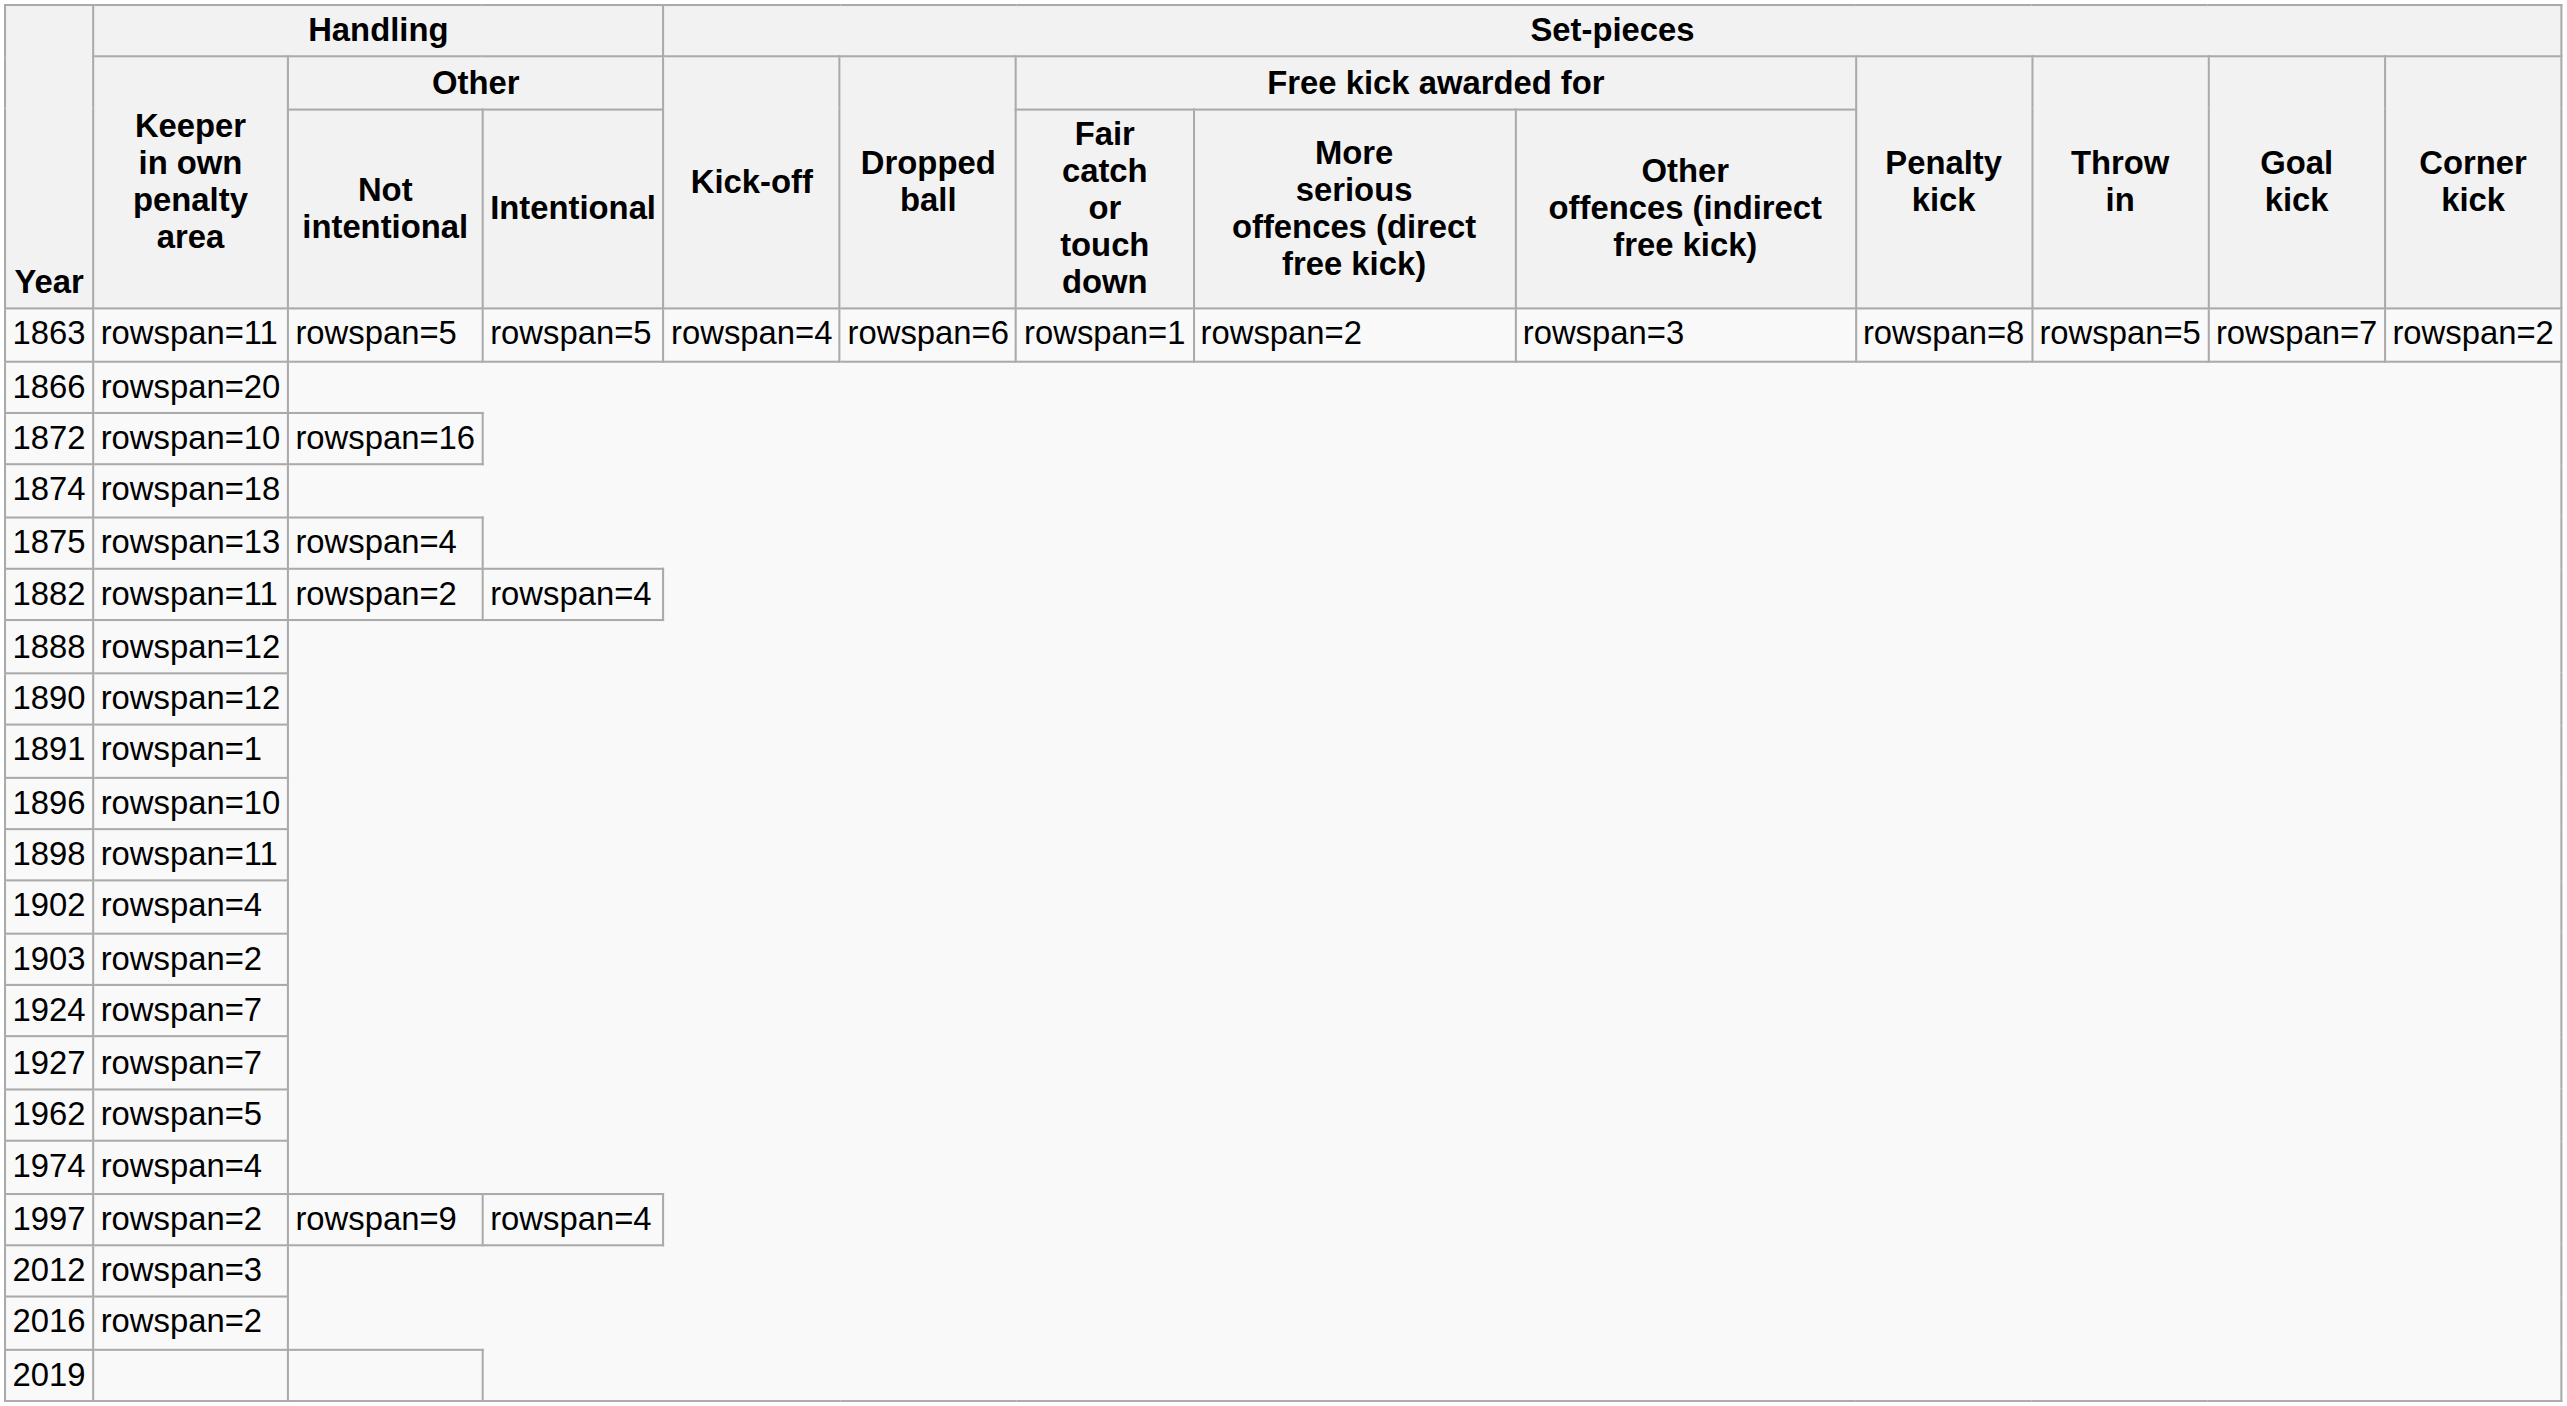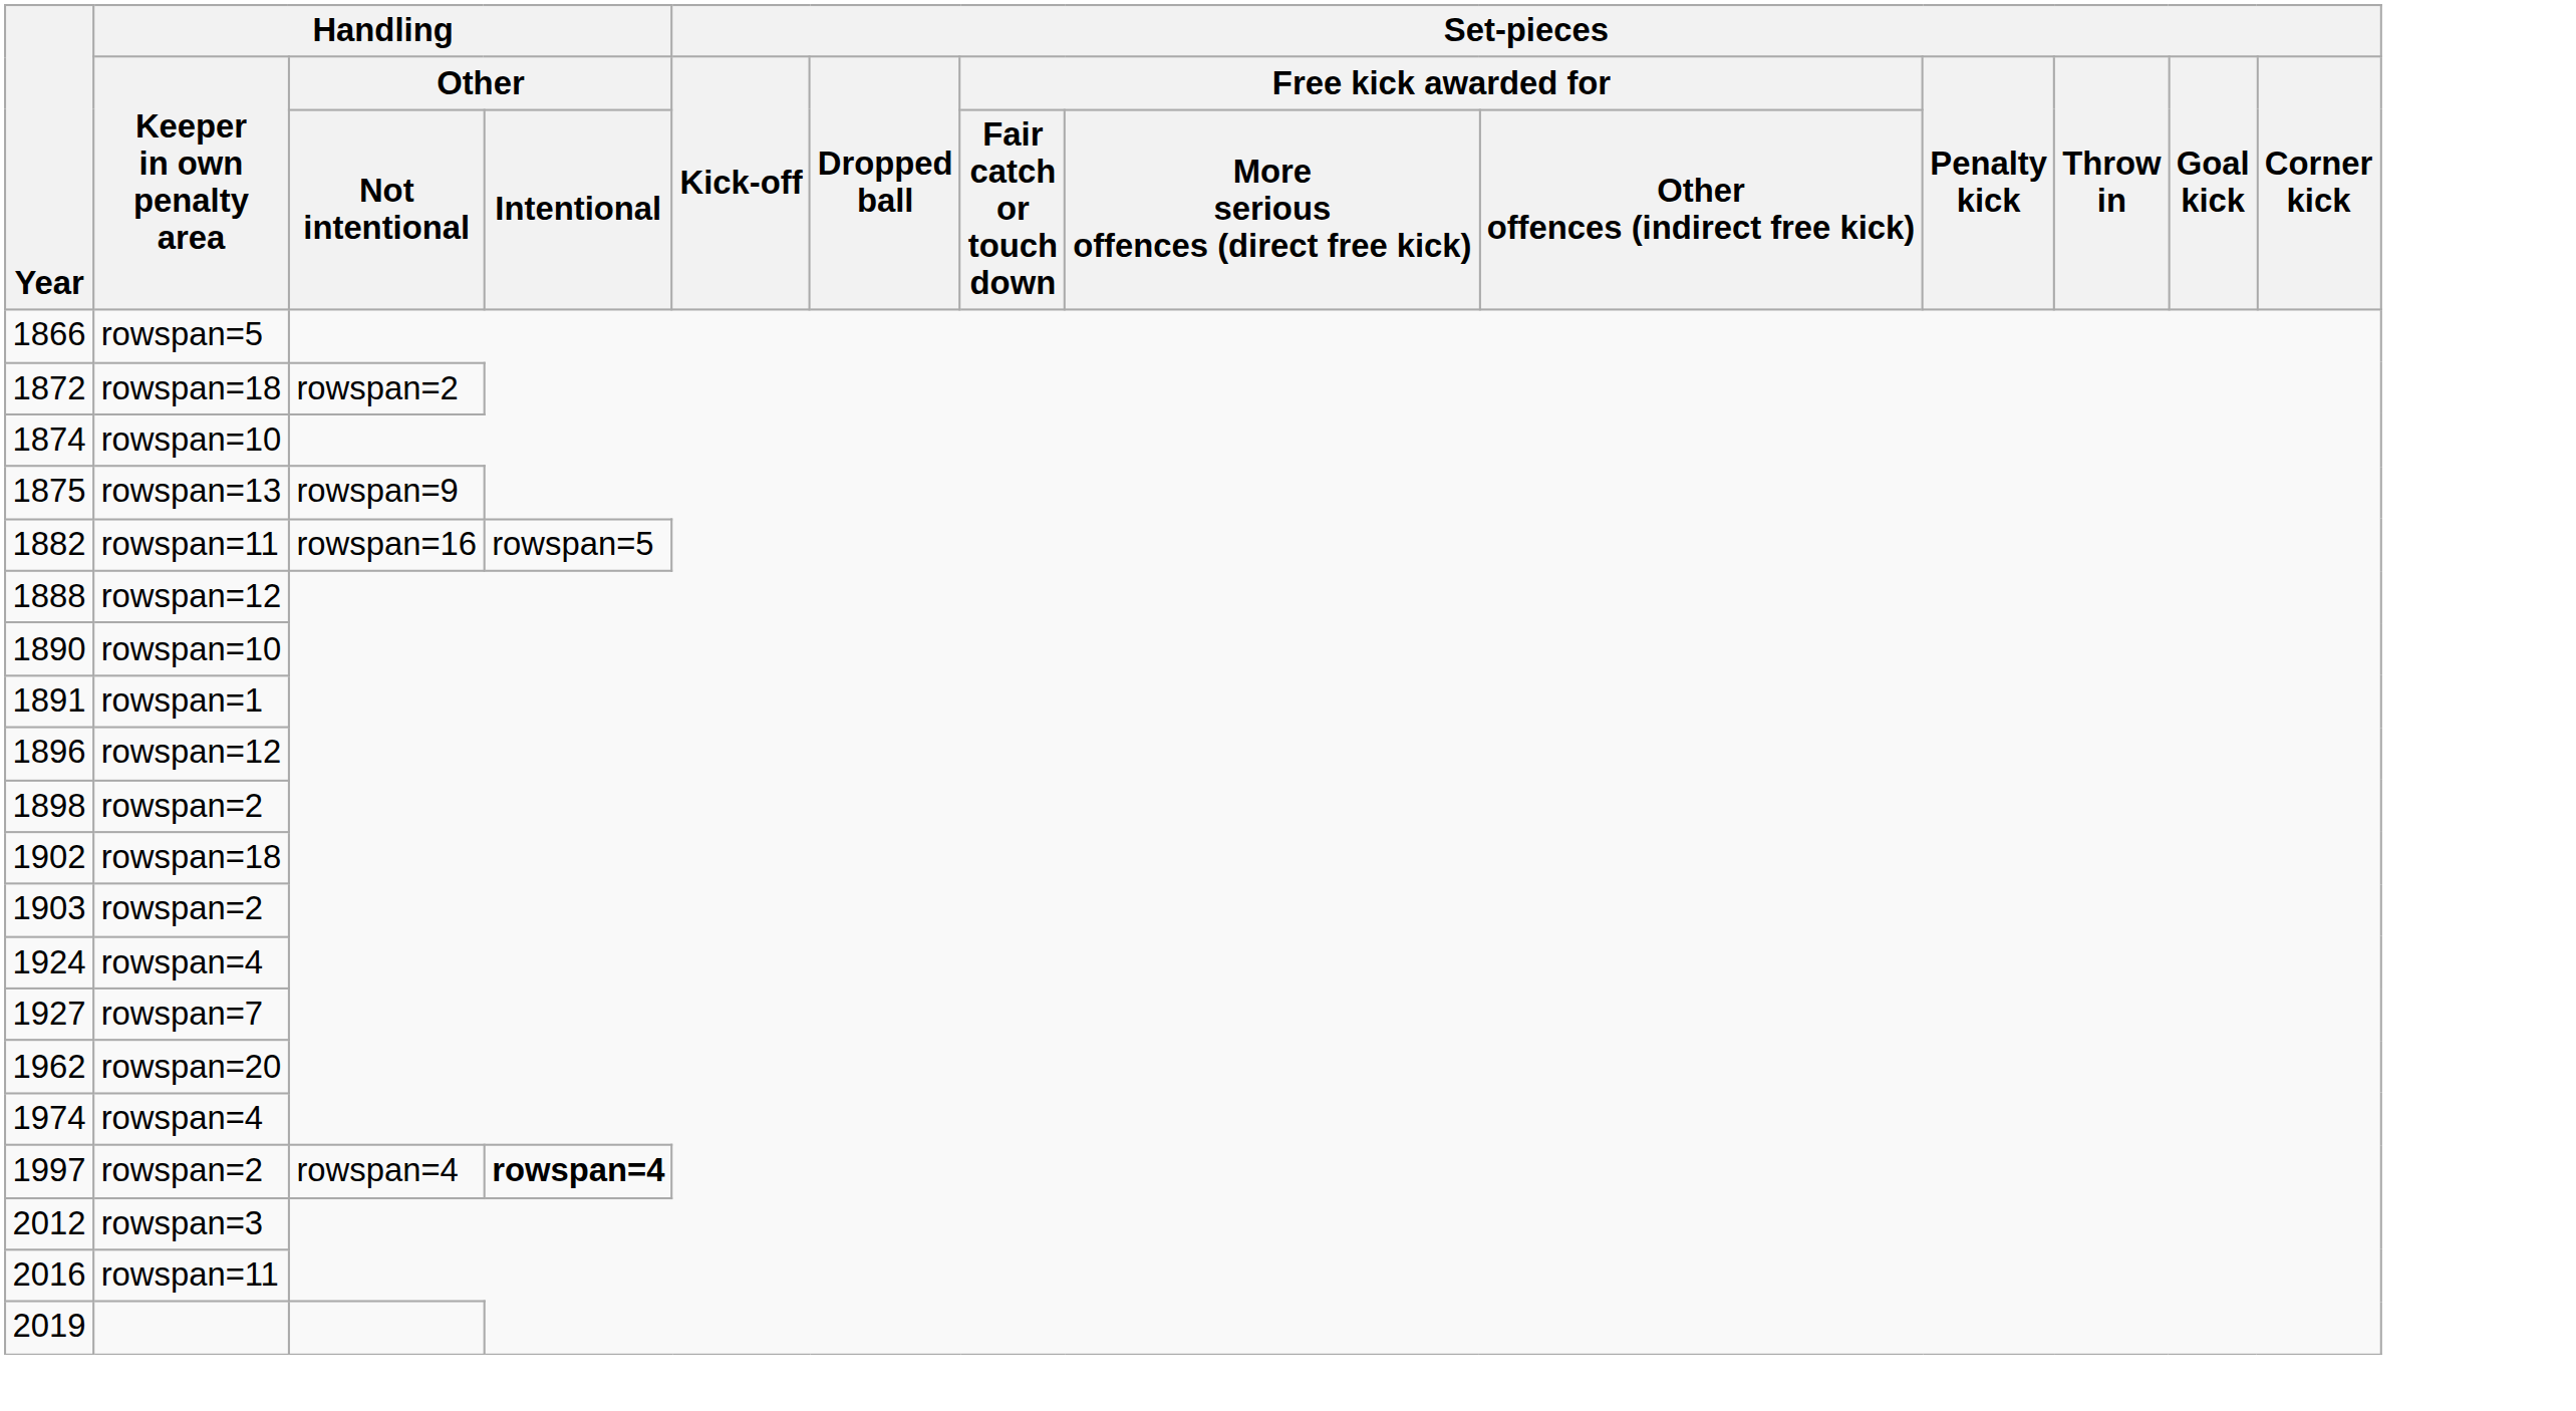 <table class="wikitable">
 <tr style="vertical-align: bottom;">
 <th colspan="1" rowspan="3">Year</th>
 <th colspan="3" rowspan="1">Handling</th>
 <th colspan="9" rowspan="1">Set-pieces</th>
 </tr>
 <tr>
 <th colspan="1" rowspan="2">Keeper <br>in own<br> penalty<br> area</th>
 <th colspan="2" rowspan="1">Other</th>
 <th colspan="1" rowspan="2">Kick-off</th>
 <th colspan="1" rowspan="2">Dropped<br>ball</th>
 <th colspan="3" rowspan="1">Free kick awarded for</th>
 <th colspan="1" rowspan="2">Penalty<br>kick</th>
 <th colspan="1" rowspan="2">Throw<br>in</th>
 <th colspan="1" rowspan="2">Goal<br>kick</th>
 <th colspan="1" rowspan="2">Corner<br>kick</th>
 </tr>
 <tr>
 <th>Not<br>intentional</th>
 <th>Intentional</th>
 <th>Fair<br>catch <br>or<br> touch<br>down</th>
 <th>More<br>serious<br>offences (direct free kick)</th>
 <th>Other  <br>offences (indirect free kick)</th>
 </tr>
 <tr>
-<td>1863</td>
-<td>rowspan=11 </td>
+<td>1866</td>
 <td>rowspan=5 </td>
-<td>rowspan=5 </td>
-<td>rowspan=4 </td>
-<td>rowspan=6 </td>
-<td>rowspan=1 </td>
-<td>rowspan=2 </td>
-<td>rowspan=3 </td>
-<td>rowspan=8 </td>
-<td>rowspan=5 </td>
-<td>rowspan=7 </td>
+</tr>
+<tr>
+<td>1872</td>
+<td>rowspan=18 </td>
 <td>rowspan=2 </td>
 </tr>
 <tr>
-<td>1866</td>
-<td>rowspan=20 </td>
-</tr>
-<tr>
-<td>1872</td>
+<td>1874</td>
 <td>rowspan=10 </td>
-<td>rowspan=16 </td>
-</tr>
-<tr>
-<td>1874</td>
-<td>rowspan=18 </td>
 </tr>
 <tr>
 <td>1875</td>
 <td>rowspan=13 </td>
-<td>rowspan=4 </td>
+<td>rowspan=9 </td>
 </tr>
 <tr>
 <td>1882</td>
 <td>rowspan=11 </td>
-<td>rowspan=2 </td>
-<td>rowspan=4 </td>
+<td>rowspan=16 </td>
+<td>rowspan=5 </td>
 </tr>
 <tr>
 <td>1888</td>
 <td>rowspan=12 </td>
 </tr>
 <tr>
 <td>1890</td>
-<td>rowspan=12 </td>
+<td>rowspan=10 </td>
 </tr>
 <tr>
 <td>1891</td>
 <td>rowspan=1 </td>
 </tr>
 <tr>
 <td>1896</td>
-<td>rowspan=10 </td>
+<td>rowspan=12 </td>
 </tr>
 <tr>
 <td>1898</td>
-<td>rowspan=11 </td>
+<td>rowspan=2 </td>
 </tr>
 <tr>
 <td>1902</td>
-<td>rowspan=4 </td>
+<td>rowspan=18 </td>
 </tr>
 <tr>
 <td>1903</td>
 <td>rowspan=2 </td>
 </tr>
 <tr>
 <td>1924</td>
-<td>rowspan=7 </td>
+<td>rowspan=4 </td>
 </tr>
 <tr>
 <td>1927</td>
 <td>rowspan=7 </td>
 </tr>
 <tr>
 <td>1962</td>
-<td>rowspan=5 </td>
+<td>rowspan=20 </td>
 </tr>
 <tr>
 <td>1974</td>
 <td>rowspan=4 </td>
 </tr>
 <tr>
 <td>1997</td>
 <td>rowspan=2 </td>
-<td>rowspan=9 </td>
 <td>rowspan=4 </td>
+<td><strong>rowspan=4 </strong></td>
 </tr>
 <tr>
 <td>2012</td>
 <td>rowspan=3 </td>
 </tr>
 <tr>
 <td>2016</td>
-<td>rowspan=2 </td>
+<td>rowspan=11 </td>
 </tr>
 <tr>
 <td>2019</td>
 <td></td>
 <td></td>
 </tr>
 </table>
